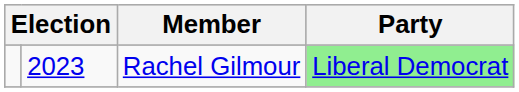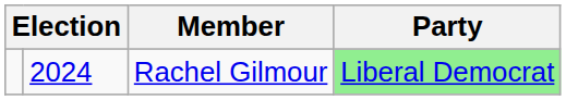 <table class="wikitable">
 <tr>
 <th colspan="2">Election</th>
 <th>Member</th>
 <th>Party</th>
 </tr>
 <tr>
 <td style="color:inherit;background-color: "></td>
-<td><a href='#'>2023</a></td>
+<td><a href='#'>2024</a></td>
 <td><a href='#'>Rachel Gilmour</a></td>
 <td style="background: lightgreen;"><a href='#'>Liberal Democrat</a></td>
 </tr>
 </table>
